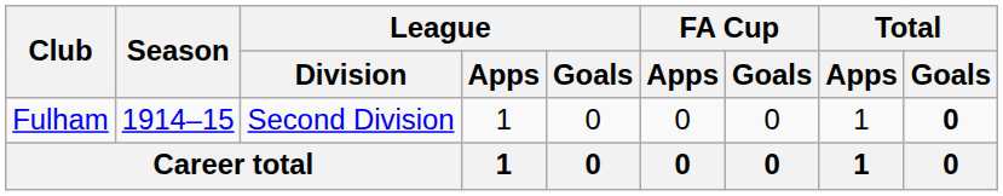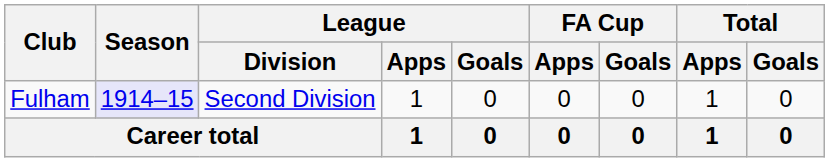 <table class="wikitable" style="text-align: center">
 <tr>
 <th rowspan="2">Club</th>
 <th rowspan="2">Season</th>
 <th colspan="3">League</th>
 <th colspan="2">FA Cup</th>
 <th colspan="2">Total</th>
 </tr>
 <tr>
 <th>Division</th>
 <th>Apps</th>
 <th>Goals</th>
 <th>Apps</th>
 <th>Goals</th>
 <th>Apps</th>
 <th>Goals</th>
 </tr>
 <tr>
 <td><a href='#'>Fulham</a></td>
-<td><a href='#'>1914–15</a></td>
+<td style="background: lavender;"><a href='#'>1914–15</a></td>
 <td><a href='#'>Second Division</a></td>
 <td>1</td>
 <td>0</td>
 <td>0</td>
 <td>0</td>
 <td>1</td>
-<td><strong>0</strong></td>
+<td>0</td>
 </tr>
 <tr>
 <th colspan="3">Career total</th>
 <th>1</th>
 <th>0</th>
 <th>0</th>
 <th>0</th>
 <th>1</th>
 <th>0</th>
 </tr>
 </table>
